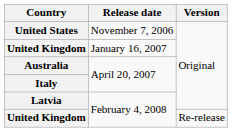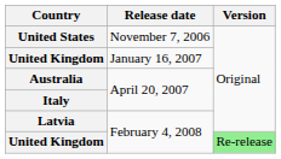 <table class="wikitable plainrowheaders">
 <tr>
 <th>Country</th>
 <th>Release date</th>
 <th>Version</th>
 </tr>
 <tr>
 <th scope="row">United States</th>
 <td>November 7, 2006</td>
 <td rowspan="5">Original</td>
 </tr>
 <tr>
 <th scope="row">United Kingdom</th>
 <td>January 16, 2007</td>
 </tr>
 <tr>
 <th scope="row">Australia</th>
 <td rowspan="2">April 20, 2007</td>
 </tr>
 <tr>
 <th scope="row">Italy</th>
 </tr>
 <tr>
 <th scope="row">Latvia</th>
 <td rowspan="2">February 4, 2008</td>
 </tr>
 <tr>
 <th scope="row">United Kingdom</th>
-<td>Re-release</td>
+<td style="background: lightgreen;">Re-release</td>
 </tr>
 </table>
